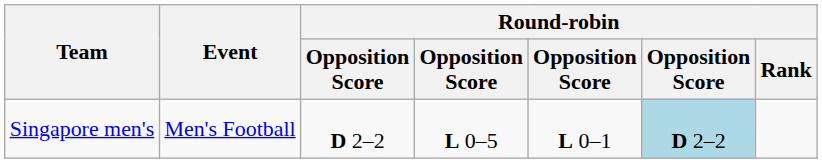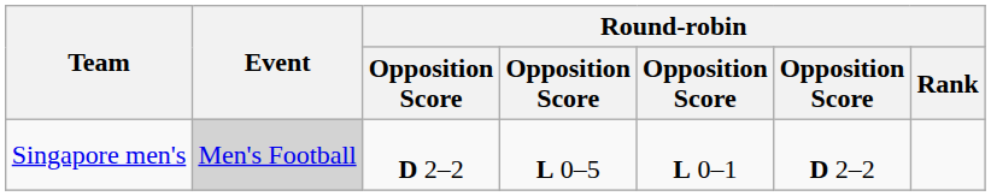 <table class="wikitable">
 <tr>
 <th rowspan="2">Team</th>
 <th rowspan="2">Event</th>
 <th colspan="5">Round-robin</th>
 </tr>
 <tr>
 <th>Opposition<br>Score</th>
 <th>Opposition<br>Score</th>
 <th>Opposition<br>Score</th>
 <th>Opposition<br>Score</th>
 <th>Rank</th>
 </tr>
 <tr align="center">
 <td><a href='#'>Singapore men's</a></td>
-<td align="left"><a href='#'>Men's Football</a></td>
+<td align="left" style="background: lightgrey;"><a href='#'>Men's Football</a></td>
 <td><br><strong>D</strong> 2–2</td>
 <td><br><strong>L</strong> 0–5</td>
 <td><br><strong>L</strong> 0–1</td>
-<td style="background: lightblue;"><br><strong>D</strong> 2–2</td>
+<td><br><strong>D</strong> 2–2</td>
 <td></td>
 </tr>
 </table>
